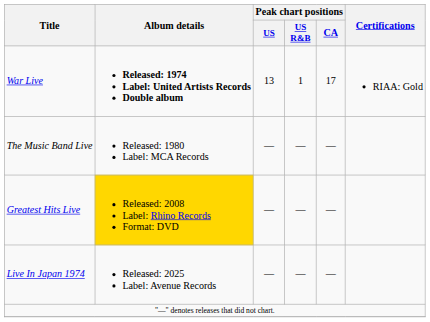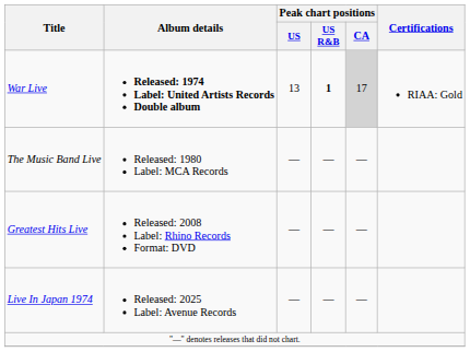 <table class="wikitable">
 <tr>
 <th rowspan="2">Title</th>
 <th rowspan="2">Album details</th>
 <th colspan="3">Peak chart positions</th>
 <th rowspan="2"><a href='#'>Certifications</a></th>
 </tr>
 <tr>
 <th style="width:3em; font-size:90%"><a href='#'>US</a><br></th>
 <th style="width:3em; font-size:90%"><a href='#'>US R&B</a><br></th>
 <th><a href='#'>CA</a><br></th>
 </tr>
 <tr>
 <td><em><a href='#'>War Live</a></em></td>
 <td><strong><br><ul><li>Released: 1974</li><li>Label: United Artists Records</li><li>Double album</li></ul></strong></td>
 <td align="center">13</td>
-<td align="center">1</td>
-<td align="center">17</td>
+<td align="center"><strong>1</strong></td>
+<td align="center" style="background: lightgrey;">17</td>
 <td><br><ul><li>RIAA: Gold</li></ul></td>
 </tr>
 <tr>
 <td><em>The Music Band Live</em></td>
 <td><br><ul><li>Released: 1980</li><li>Label: MCA Records</li></ul></td>
 <td align="center">—</td>
 <td align="center">—</td>
 <td align="center">—</td>
 <td></td>
 </tr>
 <tr>
 <td><em><a href='#'>Greatest Hits Live</a></em></td>
-<td style="background: gold;"><br><ul><li>Released: 2008</li><li>Label: <a href='#'>Rhino Records</a></li><li>Format: DVD</li></ul></td>
+<td><br><ul><li>Released: 2008</li><li>Label: <a href='#'>Rhino Records</a></li><li>Format: DVD</li></ul></td>
 <td align="center">—</td>
 <td align="center">—</td>
 <td align="center">—</td>
 <td></td>
 </tr>
 <tr>
 <td><em><a href='#'>Live In Japan 1974</a></em></td>
 <td><br><ul><li>Released: 2025</li><li>Label: Avenue Records</li></ul></td>
 <td align="center">—</td>
 <td align="center">—</td>
 <td align="center">—</td>
 <td></td>
 </tr>
 <tr>
 <td colspan="8" align="center" style="font-size:9pt">"—" denotes releases that did not chart.</td>
 </tr>
 <tr>
 </tr>
 </table>
